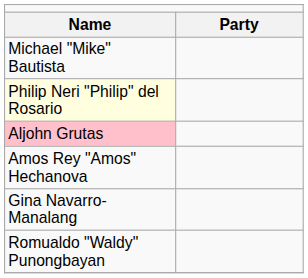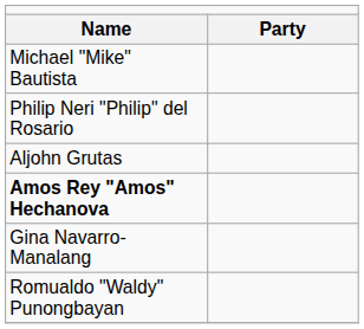 <table class=wikitable style="font-size:90%">
 <tr>
 <td colspan=4 bgcolor=></td>
 </tr>
 <tr>
 <th width=150px>Name</th>
 <th colspan=2 width=110px>Party</th>
 </tr>
 <tr>
 <td>Michael "Mike" Bautista</td>
 <td></td>
 </tr>
 <tr>
-<td style="background: lightyellow;">Philip Neri "Philip" del Rosario</td>
+<td>Philip Neri "Philip" del Rosario</td>
 <td></td>
 </tr>
 <tr>
-<td style="background: pink;">Aljohn Grutas</td>
+<td>Aljohn Grutas</td>
 <td></td>
 </tr>
 <tr>
-<td>Amos Rey "Amos" Hechanova</td>
+<td><strong>Amos Rey "Amos" Hechanova</strong></td>
 <td></td>
 </tr>
 <tr>
 <td>Gina Navarro-Manalang</td>
 <td></td>
 </tr>
 <tr>
 <td>Romualdo "Waldy" Punongbayan</td>
 <td></td>
 </tr>
 <tr>
 </tr>
 </table>
